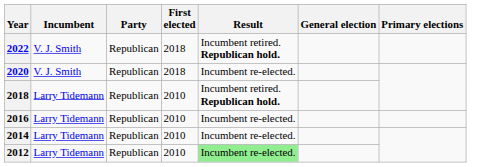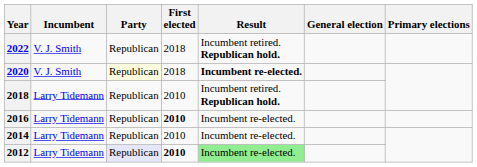 <table class=wikitable>
 <tr valign=bottom>
 <th>Year</th>
 <th>Incumbent</th>
 <th>Party</th>
 <th>First<br>elected</th>
 <th>Result</th>
 <th>General election</th>
 <th>Primary elections</th>
 </tr>
 <tr>
 <th><a href='#'>2022</a></th>
 <td><a href='#'>V. J. Smith</a></td>
 <td>Republican</td>
 <td>2018</td>
 <td>Incumbent retired.<br><strong>Republican hold.</strong></td>
 <td nowrap></td>
 <td nowrap></td>
 </tr>
 <tr>
 <th><a href='#'>2020</a></th>
 <td><a href='#'>V. J. Smith</a></td>
-<td>Republican</td>
+<td style="background: lightyellow;">Republican</td>
 <td>2018</td>
-<td>Incumbent re-elected.</td>
+<td><strong>Incumbent re-elected.</strong></td>
 <td nowrap></td>
 </tr>
 <tr>
 <th>2018</th>
 <td><a href='#'>Larry Tidemann</a></td>
 <td>Republican</td>
 <td>2010</td>
 <td>Incumbent retired.<br><strong>Republican hold.</strong></td>
 <td nowrap></td>
 </tr>
 <tr>
 <th>2016</th>
 <td><a href='#'>Larry Tidemann</a></td>
 <td>Republican</td>
-<td>2010</td>
+<td><strong>2010</strong></td>
 <td>Incumbent re-elected.</td>
 <td nowrap></td>
 <td nowrap></td>
 </tr>
 <tr>
 <th>2014</th>
 <td><a href='#'>Larry Tidemann</a></td>
 <td>Republican</td>
 <td>2010</td>
 <td>Incumbent re-elected.</td>
 <td nowrap></td>
 </tr>
 <tr>
 <th>2012</th>
 <td><a href='#'>Larry Tidemann</a></td>
-<td>Republican</td>
-<td>2010</td>
+<td style="background: lavender;">Republican</td>
+<td><strong>2010</strong></td>
 <td style="background: lightgreen;">Incumbent re-elected.</td>
 <td nowrap></td>
 </tr>
 </table>
